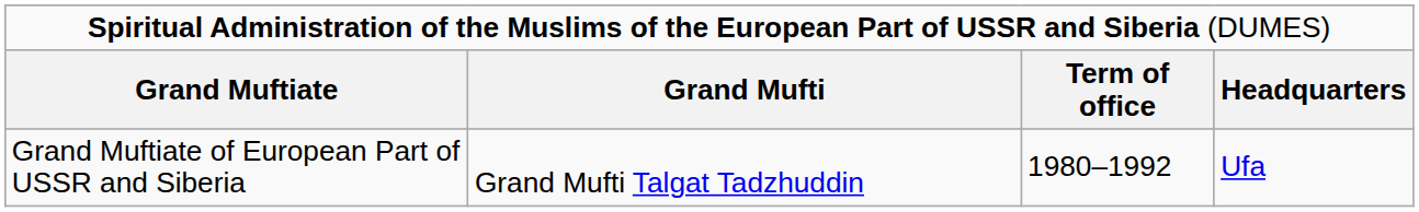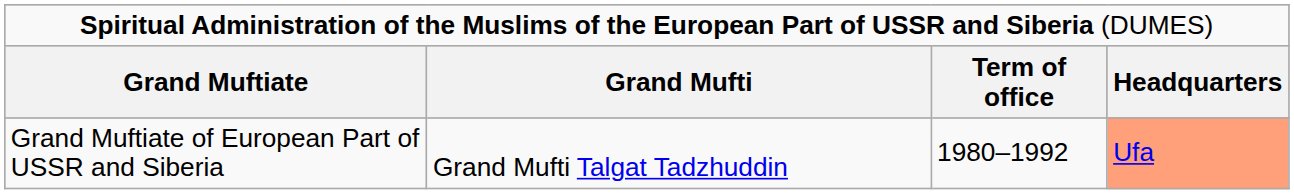 <table class=wikitable>
 <tr>
 <td colspan=4 align=center><strong>Spiritual Administration of the Muslims of the European Part of USSR and Siberia</strong> (DUMES)</td>
 </tr>
 <tr>
 <th scope="row" width="250">Grand Muftiate</th>
 <th scope="row" width="300">Grand Mufti</th>
 <th scope="row" width="100">Term of office</th>
 <th scope="row" width="100">Headquarters</th>
 </tr>
 <tr>
 <td>Grand Muftiate of European Part of USSR and Siberia</td>
 <td><br>Grand Mufti <a href='#'>Talgat Tadzhuddin</a></td>
 <td>1980–1992</td>
-<td><a href='#'>Ufa</a></td>
+<td style="background: lightsalmon;"><a href='#'>Ufa</a></td>
 </tr>
 </table>
